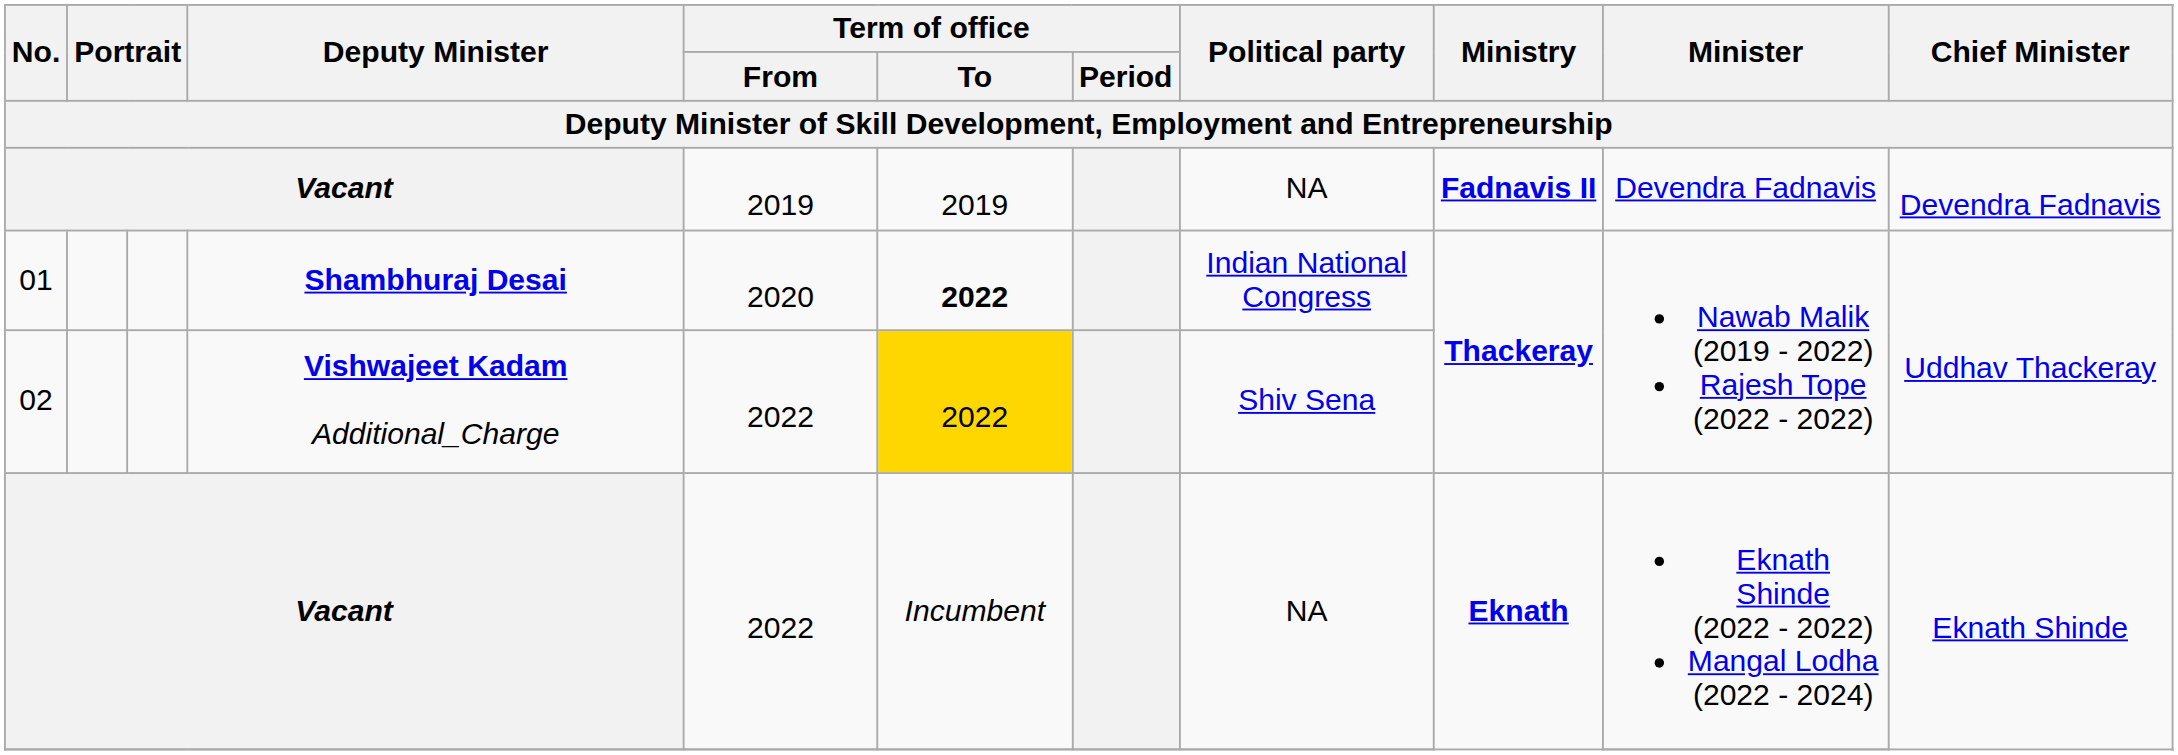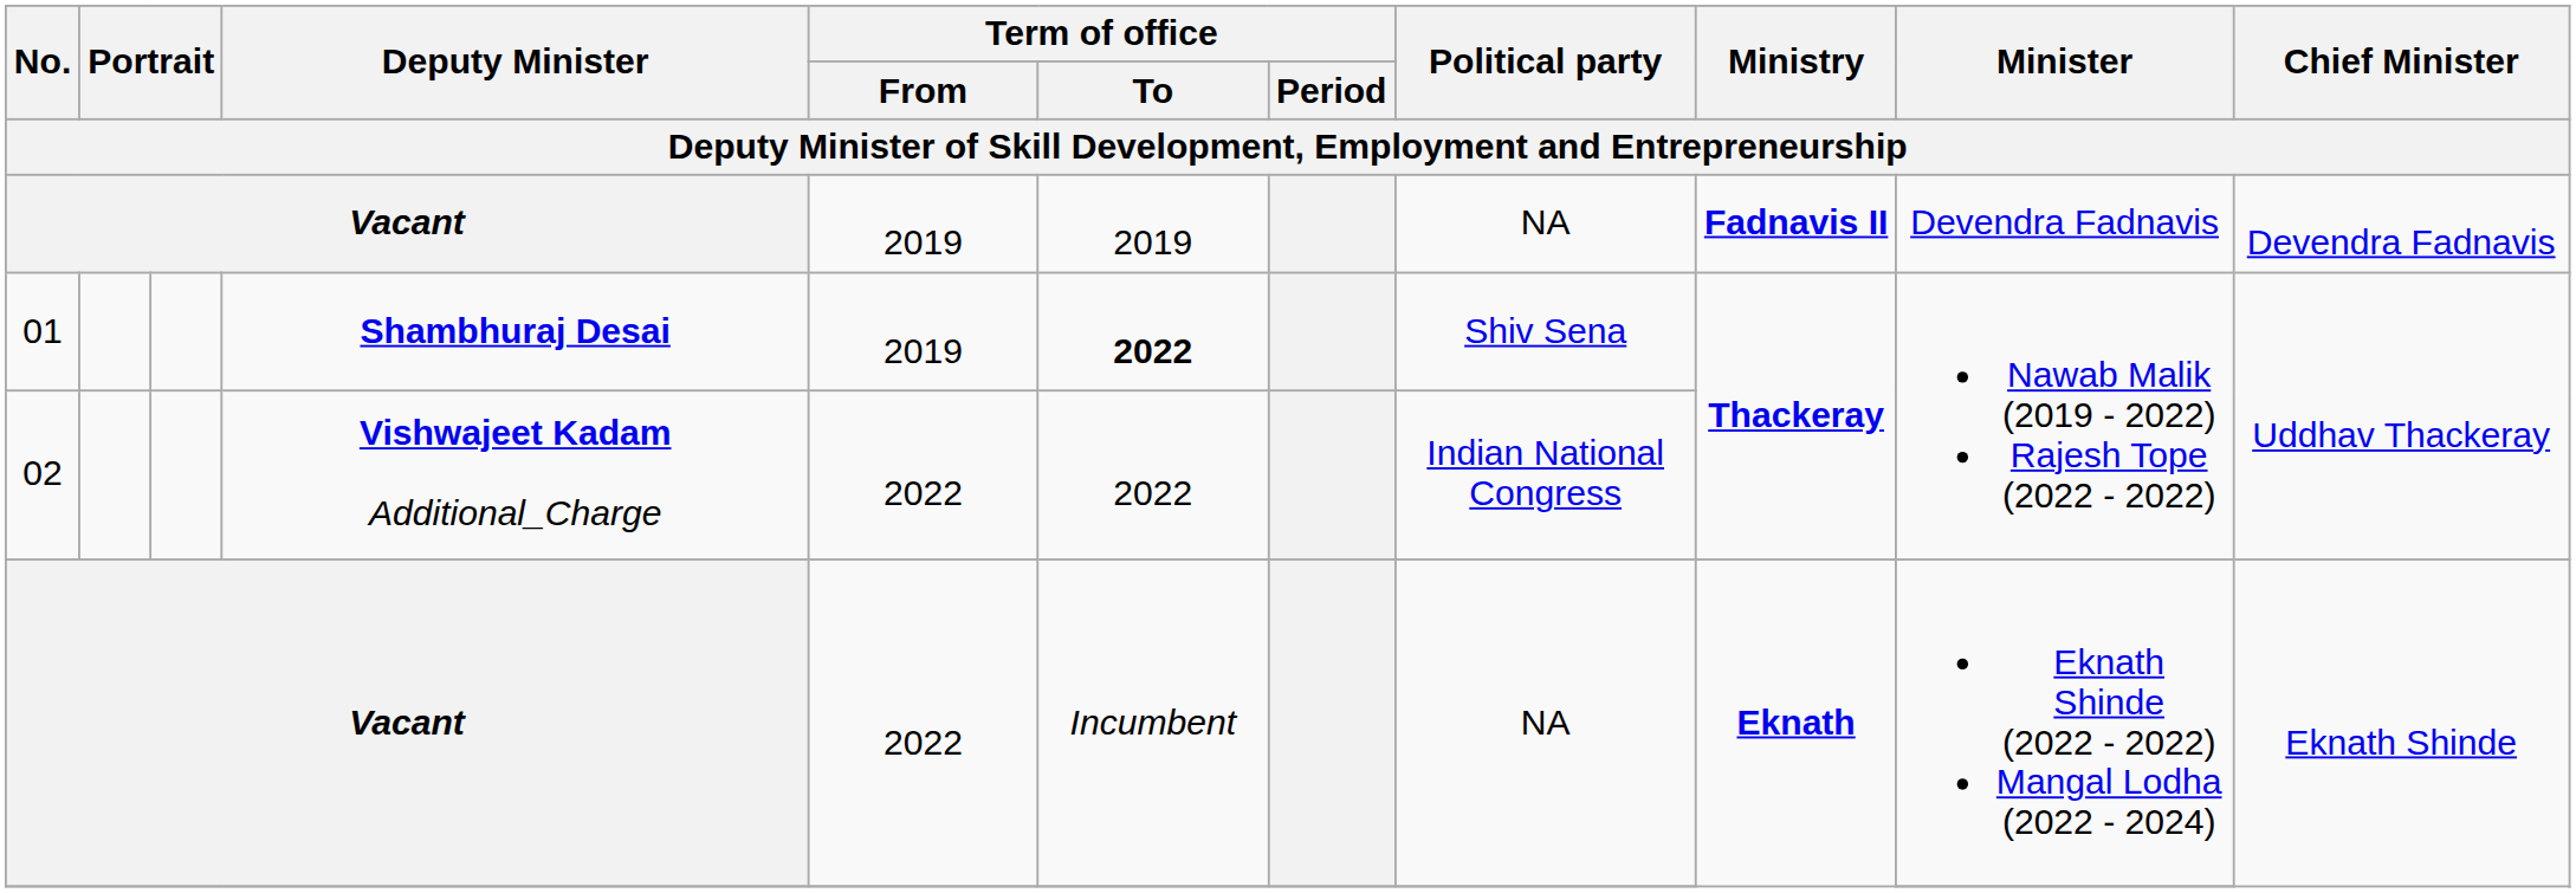 <table class="wikitable" style="text-align:center">
 <tr>
 <th rowspan="2">No.</th>
 <th rowspan="2" colspan="2">Portrait</th>
 <th rowspan="2" style="width:16em">Deputy Minister<br></th>
 <th colspan="3">Term of office</th>
 <th rowspan="2" style="width:8em">Political party</th>
 <th rowspan="2">Ministry</th>
 <th rowspan="2" style="width:9em">Minister</th>
 <th rowspan="2" style="width:9em">Chief Minister</th>
 </tr>
 <tr>
 <th style="width:6em">From</th>
 <th style="width:6em">To</th>
 <th>Period</th>
 </tr>
 <tr>
 <th colspan="11">Deputy Minister of Skill Development, Employment and Entrepreneurship</th>
 </tr>
 <tr>
 <th colspan="04"><strong><em> Vacant</em></strong></th>
 <td><br>2019</td>
 <td><br>2019</td>
 <th></th>
 <td>NA</td>
 <td rowspan="1"><a href='#'><strong>Fadnavis II</strong></a></td>
 <td><a href='#'>Devendra Fadnavis</a></td>
 <td rowspan="1"> <br><a href='#'>Devendra Fadnavis</a></td>
 </tr>
 <tr>
 <td>01</td>
 <td style="color:inherit;background:"></td>
 <td></td>
 <td><strong><a href='#'>Shambhuraj Desai</a></strong> <br> </td>
-<td><br>2020</td>
+<td><br>2019</td>
 <td><strong><br>2022</strong></td>
 <th></th>
-<td><a href='#'>Indian National Congress</a></td>
+<td><a href='#'>Shiv Sena</a></td>
 <td rowspan="2"><a href='#'><strong>Thackeray</strong></a></td>
 <td rowspan="2"><br><ul><li><a href='#'>Nawab Malik</a><br>(2019 - 2022)</li><li><a href='#'>Rajesh Tope</a> <br>(2022 - 2022)</li></ul></td>
 <td rowspan="2"> <br><a href='#'>Uddhav Thackeray</a></td>
 </tr>
 <tr>
 <td>02</td>
 <td style="color:inherit;background:"></td>
 <td></td>
 <td><strong><a href='#'>Vishwajeet Kadam</a></strong> <br> <br><em>Additional_Charge</em></td>
 <td><br>2022</td>
-<td style="background: gold;"><br>2022</td>
+<td><br>2022</td>
 <th></th>
-<td><a href='#'>Shiv Sena</a></td>
+<td><a href='#'>Indian National Congress</a></td>
 </tr>
 <tr>
 <th colspan="04"><strong><em>Vacant</em></strong></th>
 <td><br>2022</td>
 <td><em>Incumbent</em></td>
 <th></th>
 <td>NA</td>
 <td rowspan="2"><a href='#'><strong>Eknath</strong></a></td>
 <td><br><ul><li><a href='#'>Eknath Shinde</a><br>(2022 - 2022)</li><li><a href='#'>Mangal Lodha</a><br> (2022 - 2024)</li></ul></td>
 <td rowspan="2"> <br><a href='#'>Eknath Shinde</a></td>
 </tr>
 <tr Vivek Janardhan shetye>
 </tr>
 </table>
